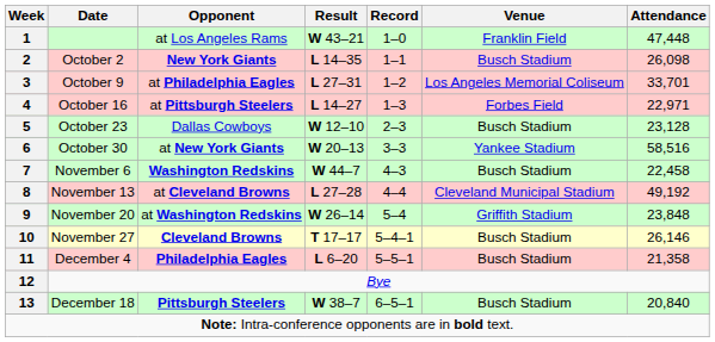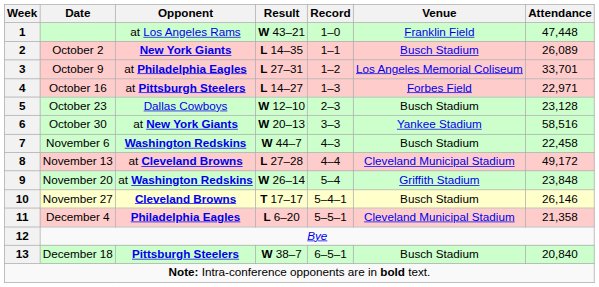 <table class="wikitable" style="text-align:center">
 <tr>
 <th>Week</th>
 <th>Date</th>
 <th>Opponent</th>
 <th>Result</th>
 <th>Record</th>
 <th>Venue</th>
 <th>Attendance</th>
 </tr>
 <tr style="background:#cfc">
 <th>1</th>
 <td></td>
 <td>at <a href='#'>Los Angeles Rams</a></td>
 <td><strong>W</strong> 43–21</td>
 <td>1–0</td>
 <td><a href='#'>Franklin Field</a></td>
 <td>47,448</td>
 </tr>
 <tr style="background:#fcc">
 <th>2</th>
 <td>October 2</td>
 <td><strong><a href='#'>New York Giants</a></strong></td>
 <td><strong>L</strong> 14–35</td>
 <td>1–1</td>
 <td><a href='#'>Busch Stadium</a></td>
-<td>26,098</td>
+<td>26,089</td>
 </tr>
 <tr style="background:#fcc">
 <th>3</th>
 <td>October 9</td>
 <td>at <strong><a href='#'>Philadelphia Eagles</a></strong></td>
 <td><strong>L</strong> 27–31</td>
 <td>1–2</td>
 <td><a href='#'>Los Angeles Memorial Coliseum</a></td>
 <td>33,701</td>
 </tr>
 <tr style="background:#fcc">
 <th>4</th>
 <td>October 16</td>
 <td>at <strong><a href='#'>Pittsburgh Steelers</a></strong></td>
 <td><strong>L</strong> 14–27</td>
 <td>1–3</td>
 <td><a href='#'>Forbes Field</a></td>
 <td>22,971</td>
 </tr>
 <tr style="background:#cfc">
 <th>5</th>
 <td>October 23</td>
 <td><a href='#'>Dallas Cowboys</a></td>
 <td><strong>W</strong> 12–10</td>
 <td>2–3</td>
 <td>Busch Stadium</td>
 <td>23,128</td>
 </tr>
 <tr style="background:#cfc">
 <th>6</th>
 <td>October 30</td>
 <td>at <strong><a href='#'>New York Giants</a></strong></td>
 <td><strong>W</strong> 20–13</td>
 <td>3–3</td>
 <td><a href='#'>Yankee Stadium</a></td>
 <td>58,516</td>
 </tr>
 <tr style="background:#cfc">
 <th>7</th>
 <td>November 6</td>
 <td><strong><a href='#'>Washington Redskins</a></strong></td>
 <td><strong>W</strong> 44–7</td>
 <td>4–3</td>
 <td>Busch Stadium</td>
 <td>22,458</td>
 </tr>
 <tr style="background:#fcc">
 <th>8</th>
 <td>November 13</td>
 <td>at <strong><a href='#'>Cleveland Browns</a></strong></td>
 <td><strong>L</strong> 27–28</td>
 <td>4–4</td>
 <td><a href='#'>Cleveland Municipal Stadium</a></td>
-<td>49,192</td>
+<td>49,172</td>
 </tr>
 <tr style="background:#cfc">
 <th>9</th>
 <td>November 20</td>
 <td>at <strong><a href='#'>Washington Redskins</a></strong></td>
 <td><strong>W</strong> 26–14</td>
 <td>5–4</td>
 <td><a href='#'>Griffith Stadium</a></td>
 <td>23,848</td>
 </tr>
 <tr style="background:#ffc">
 <th>10</th>
 <td>November 27</td>
 <td><strong><a href='#'>Cleveland Browns</a></strong></td>
 <td><strong>T</strong> 17–17</td>
 <td>5–4–1</td>
 <td>Busch Stadium</td>
 <td>26,146</td>
 </tr>
 <tr style="background:#fcc">
 <th>11</th>
 <td>December 4</td>
 <td><strong><a href='#'>Philadelphia Eagles</a></strong></td>
 <td><strong>L</strong> 6–20</td>
 <td>5–5–1</td>
-<td>Busch Stadium</td>
+<td><a href='#'>Cleveland Municipal Stadium</a></td>
 <td>21,358</td>
 </tr>
 <tr>
 <th>12</th>
 <td colspan=6 align="center"><em><a href='#'>Bye</a></em></td>
 </tr>
 <tr style="background:#cfc">
 <th>13</th>
 <td>December 18</td>
 <td><strong><a href='#'>Pittsburgh Steelers</a></strong></td>
 <td><strong>W</strong> 38–7</td>
 <td>6–5–1</td>
 <td>Busch Stadium</td>
 <td>20,840</td>
 </tr>
 <tr>
 <td colspan="8"><strong>Note:</strong> Intra-conference opponents are in <strong>bold</strong> text.</td>
 </tr>
 </table>
